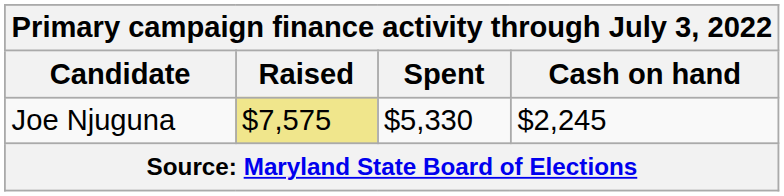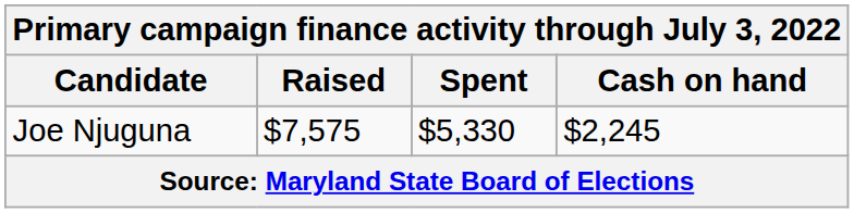 <table class="wikitable sortable">
 <tr>
 <th colspan="4">Primary campaign finance activity through July 3, 2022</th>
 </tr>
 <tr>
 <th>Candidate</th>
 <th>Raised</th>
 <th>Spent</th>
 <th>Cash on hand</th>
 </tr>
 <tr>
 <td data-sort-value="Njuguna, Joe">Joe Njuguna</td>
-<td style="background: khaki;">$7,575</td>
+<td>$7,575</td>
 <td>$5,330</td>
 <td>$2,245</td>
 </tr>
 <tr>
 <th colspan="4"><small>Source: <a href='#'>Maryland State Board of Elections</a></small></th>
 </tr>
 </table>
